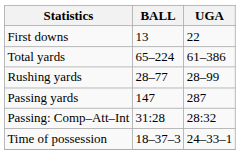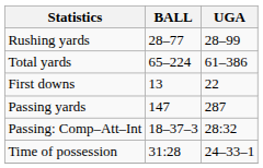 <table class="wikitable" style="float: left;">
 <tr>
 <th>Statistics</th>
 <th>BALL</th>
 <th>UGA</th>
 </tr>
 <tr>
-<td>First downs</td>
-<td>13</td>
-<td>22</td>
+<td>Rushing yards</td>
+<td>28–77</td>
+<td>28–99</td>
 </tr>
 <tr>
 <td>Total yards</td>
 <td>65–224</td>
 <td>61–386</td>
 </tr>
 <tr>
-<td>Rushing yards</td>
-<td>28–77</td>
-<td>28–99</td>
+<td>First downs</td>
+<td>13</td>
+<td>22</td>
 </tr>
 <tr>
 <td>Passing yards</td>
 <td>147</td>
 <td>287</td>
 </tr>
 <tr>
 <td>Passing: Comp–Att–Int</td>
-<td>31:28</td>
+<td>18–37–3</td>
 <td>28:32</td>
 </tr>
 <tr>
 <td>Time of possession</td>
-<td>18–37–3</td>
+<td>31:28</td>
 <td>24–33–1</td>
 </tr>
 <tr>
 </tr>
 </table>
